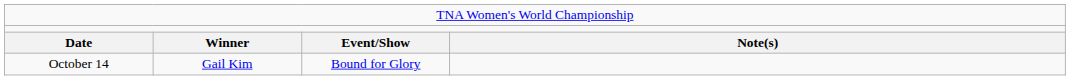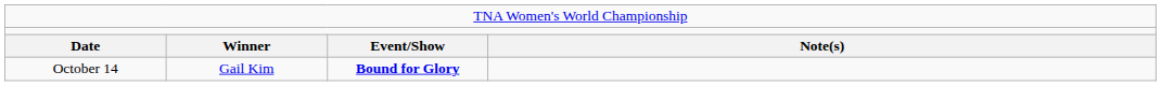 <table class="wikitable" style="text-align:center; width:100%;">
 <tr>
 <td colspan="5"><a href='#'>TNA Women's World Championship</a></td>
 </tr>
 <tr>
 <td colspan="5"><strong></strong></td>
 </tr>
 <tr>
 <th width="14%">Date</th>
 <th width="14%">Winner</th>
 <th width="14%">Event/Show</th>
 <th width="58%">Note(s)</th>
 </tr>
 <tr>
 <td>October 14</td>
 <td><a href='#'>Gail Kim</a></td>
-<td><a href='#'>Bound for Glory</a></td>
+<td><strong><a href='#'>Bound for Glory</a></strong></td>
 <td></td>
 </tr>
 </table>
